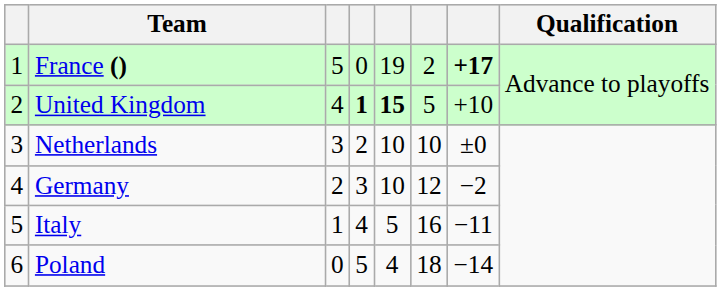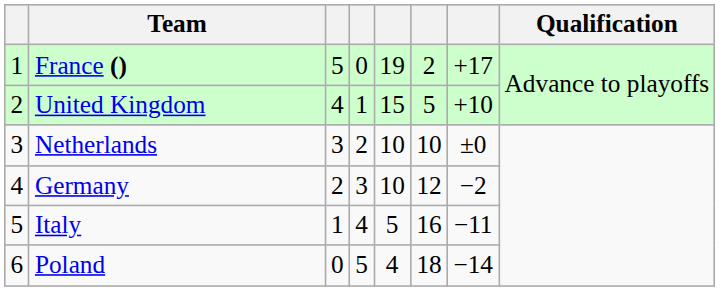 <table class=wikitable style="text-align:center;">
 <tr>
 <th></th>
 <th style="width:180px;">Team</th>
 <th></th>
 <th></th>
 <th></th>
 <th></th>
 <th></th>
 <th>Qualification</th>
 </tr>
 <tr bgcolor=#ccffcc>
 <td>1</td>
 <td align=left> <a href='#'>France</a> <strong>()</strong></td>
 <td>5</td>
 <td>0</td>
 <td>19</td>
 <td>2</td>
-<td><strong>+17</strong></td>
+<td>+17</td>
 <td rowspan=2>Advance to playoffs</td>
 </tr>
 <tr bgcolor=#ccffcc>
 <td>2</td>
 <td align=left> <a href='#'>United Kingdom</a></td>
 <td>4</td>
-<td><strong>1</strong></td>
-<td><strong>15</strong></td>
+<td>1</td>
+<td>15</td>
 <td>5</td>
 <td>+10</td>
 </tr>
 <tr>
 <td>3</td>
 <td align=left> <a href='#'>Netherlands</a></td>
 <td>3</td>
 <td>2</td>
 <td>10</td>
 <td>10</td>
 <td>±0</td>
 <td rowspan=4></td>
 </tr>
 <tr>
 <td>4</td>
 <td align=left> <a href='#'>Germany</a></td>
 <td>2</td>
 <td>3</td>
 <td>10</td>
 <td>12</td>
 <td>−2</td>
 </tr>
 <tr>
 <td>5</td>
 <td align=left> <a href='#'>Italy</a></td>
 <td>1</td>
 <td>4</td>
 <td>5</td>
 <td>16</td>
 <td>−11</td>
 </tr>
 <tr>
 <td>6</td>
 <td align=left> <a href='#'>Poland</a></td>
 <td>0</td>
 <td>5</td>
 <td>4</td>
 <td>18</td>
 <td>−14</td>
 </tr>
 </table>
